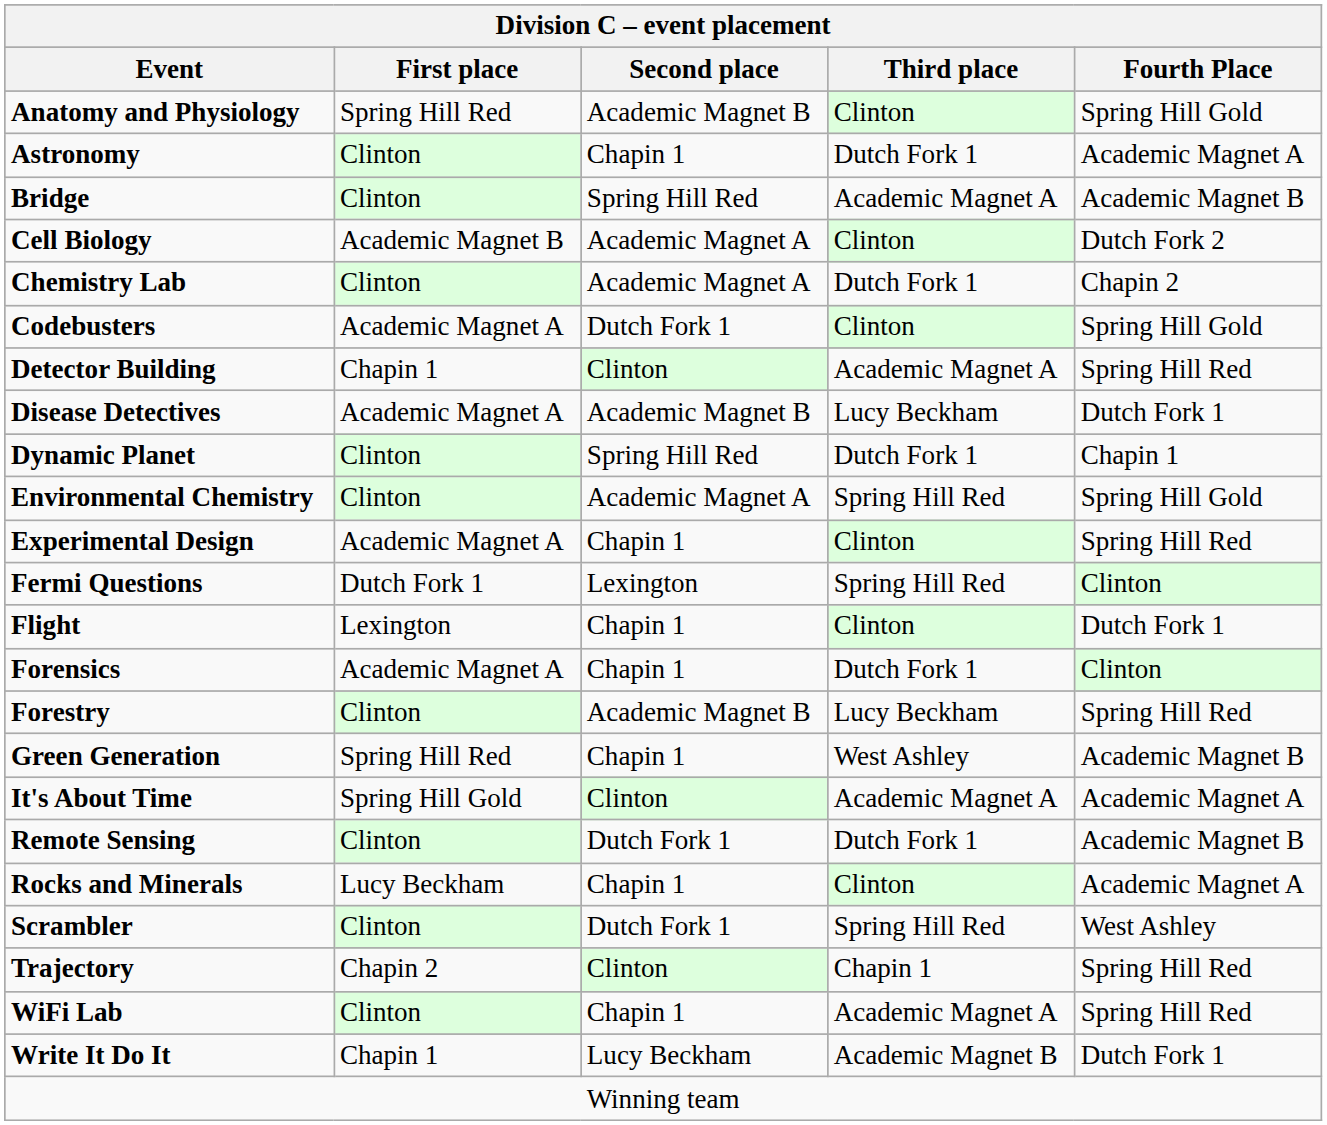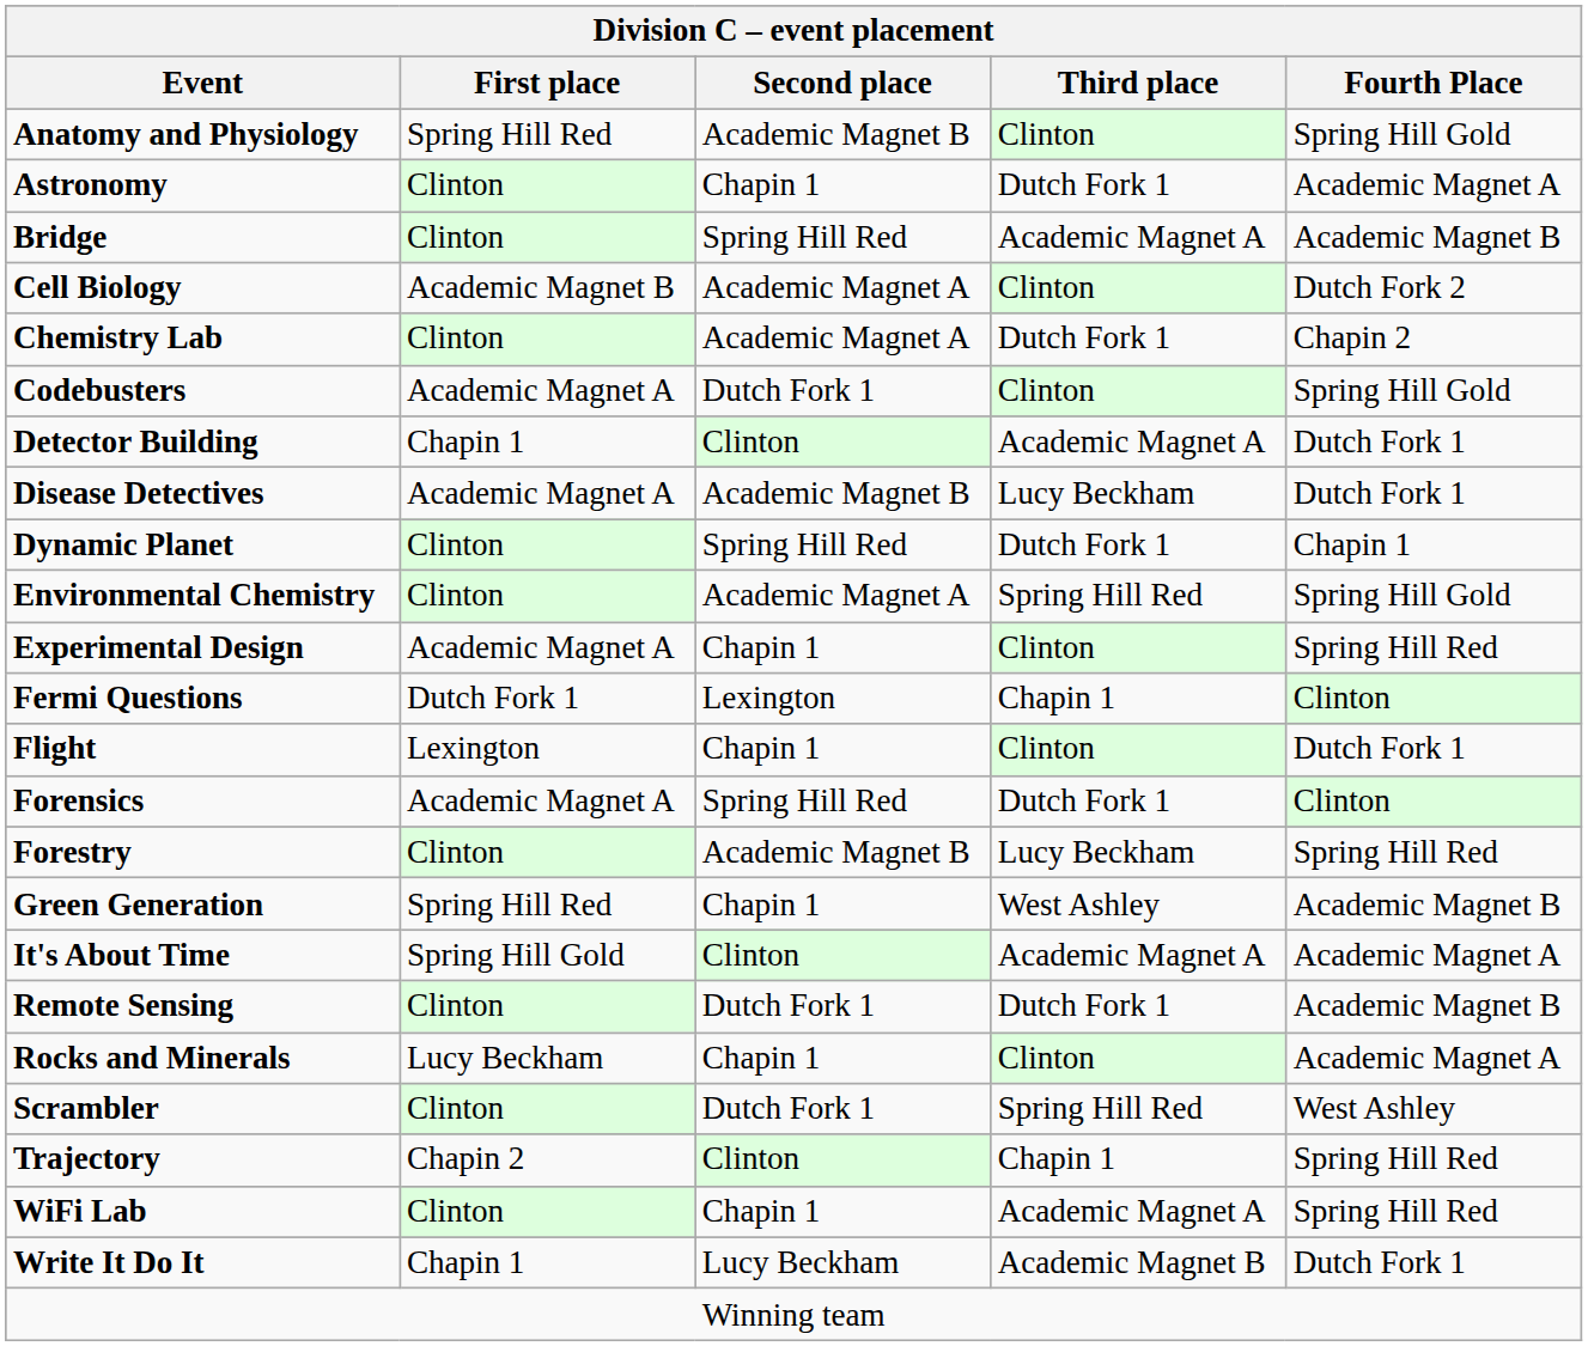 <table class="wikitable collapsible collapsed" style="float:left; width:780px">
 <tr>
 <th colspan=5>Division C – event placement</th>
 </tr>
 <tr>
 <th>Event</th>
 <th>First place</th>
 <th>Second place</th>
 <th>Third place</th>
 <th>Fourth Place</th>
 </tr>
 <tr>
 <td><strong>Anatomy and Physiology</strong></td>
 <td>Spring Hill Red</td>
 <td>Academic Magnet B</td>
 <td style="background:#ddffdd">Clinton</td>
 <td>Spring Hill Gold</td>
 </tr>
 <tr>
 <td><strong>Astronomy</strong></td>
 <td style="background:#ddffdd">Clinton</td>
 <td>Chapin 1</td>
 <td>Dutch Fork 1</td>
 <td>Academic Magnet A</td>
 </tr>
 <tr>
 <td><strong>Bridge</strong></td>
 <td style="background:#ddffdd">Clinton</td>
 <td>Spring Hill Red</td>
 <td>Academic Magnet A</td>
 <td>Academic Magnet B</td>
 </tr>
 <tr>
 <td><strong>Cell Biology</strong></td>
 <td>Academic Magnet B</td>
 <td>Academic Magnet A</td>
 <td style="background:#ddffdd">Clinton</td>
 <td>Dutch Fork 2</td>
 </tr>
 <tr>
 <td><strong>Chemistry Lab</strong></td>
 <td style="background:#ddffdd">Clinton</td>
 <td>Academic Magnet A</td>
 <td>Dutch Fork 1</td>
 <td>Chapin 2</td>
 </tr>
 <tr>
 <td><strong>Codebusters</strong></td>
 <td>Academic Magnet A</td>
 <td>Dutch Fork 1</td>
 <td style="background:#ddffdd">Clinton</td>
 <td>Spring Hill Gold</td>
 </tr>
 <tr>
 <td><strong>Detector Building</strong></td>
 <td>Chapin 1</td>
 <td style="background:#ddffdd">Clinton</td>
 <td>Academic Magnet A</td>
-<td>Spring Hill Red</td>
+<td>Dutch Fork 1</td>
 </tr>
 <tr>
 <td><strong>Disease Detectives</strong></td>
 <td>Academic Magnet A</td>
 <td>Academic Magnet B</td>
 <td>Lucy Beckham</td>
 <td>Dutch Fork 1</td>
 </tr>
 <tr>
 <td><strong>Dynamic Planet</strong></td>
 <td style="background:#ddffdd">Clinton</td>
 <td>Spring Hill Red</td>
 <td>Dutch Fork 1</td>
 <td>Chapin 1</td>
 </tr>
 <tr>
 <td><strong>Environmental Chemistry</strong></td>
 <td style="background:#ddffdd">Clinton</td>
 <td>Academic Magnet A</td>
 <td>Spring Hill Red</td>
 <td>Spring Hill Gold</td>
 </tr>
 <tr>
 <td><strong>Experimental Design</strong></td>
 <td>Academic Magnet A</td>
 <td>Chapin 1</td>
 <td style="background:#ddffdd">Clinton</td>
 <td>Spring Hill Red</td>
 </tr>
 <tr>
 <td><strong>Fermi Questions</strong></td>
 <td>Dutch Fork 1</td>
 <td>Lexington</td>
-<td>Spring Hill Red</td>
+<td>Chapin 1</td>
 <td style="background:#ddffdd">Clinton</td>
 </tr>
 <tr>
 <td><strong>Flight</strong></td>
 <td>Lexington</td>
 <td>Chapin 1</td>
 <td style="background:#ddffdd">Clinton</td>
 <td>Dutch Fork 1</td>
 </tr>
 <tr>
 <td><strong>Forensics</strong></td>
 <td>Academic Magnet A</td>
-<td>Chapin 1</td>
+<td>Spring Hill Red</td>
 <td>Dutch Fork 1</td>
 <td style="background:#ddffdd">Clinton</td>
 </tr>
 <tr>
 <td><strong>Forestry</strong></td>
 <td style="background:#ddffdd">Clinton</td>
 <td>Academic Magnet B</td>
 <td>Lucy Beckham</td>
 <td>Spring Hill Red</td>
 </tr>
 <tr>
 <td><strong>Green Generation</strong></td>
 <td>Spring Hill Red</td>
 <td>Chapin 1</td>
 <td>West Ashley</td>
 <td>Academic Magnet B</td>
 </tr>
 <tr>
 <td><strong>It's About Time</strong></td>
 <td>Spring Hill Gold</td>
 <td style="background:#ddffdd">Clinton</td>
 <td>Academic Magnet A</td>
 <td>Academic Magnet A</td>
 </tr>
 <tr>
 <td><strong>Remote Sensing</strong></td>
 <td style="background:#ddffdd">Clinton</td>
 <td>Dutch Fork 1</td>
 <td>Dutch Fork 1</td>
 <td>Academic Magnet B</td>
 </tr>
 <tr>
 <td><strong>Rocks and Minerals</strong></td>
 <td>Lucy Beckham</td>
 <td>Chapin 1</td>
 <td style="background:#ddffdd">Clinton</td>
 <td>Academic Magnet A</td>
 </tr>
 <tr>
 <td><strong>Scrambler</strong></td>
 <td style="background:#ddffdd">Clinton</td>
 <td>Dutch Fork 1</td>
 <td>Spring Hill Red</td>
 <td>West Ashley</td>
 </tr>
 <tr>
 <td><strong>Trajectory</strong></td>
 <td>Chapin 2</td>
 <td style="background:#ddffdd">Clinton</td>
 <td>Chapin 1</td>
 <td>Spring Hill Red</td>
 </tr>
 <tr>
 <td><strong>WiFi Lab</strong></td>
 <td style="background:#ddffdd">Clinton</td>
 <td>Chapin 1</td>
 <td>Academic Magnet A</td>
 <td>Spring Hill Red</td>
 </tr>
 <tr>
 <td><strong>Write It Do It</strong></td>
 <td>Chapin 1</td>
 <td>Lucy Beckham</td>
 <td>Academic Magnet B</td>
 <td>Dutch Fork 1</td>
 </tr>
 <tr>
 <td colspan=5 style=text-align:center> Winning team</td>
 </tr>
 </table>
